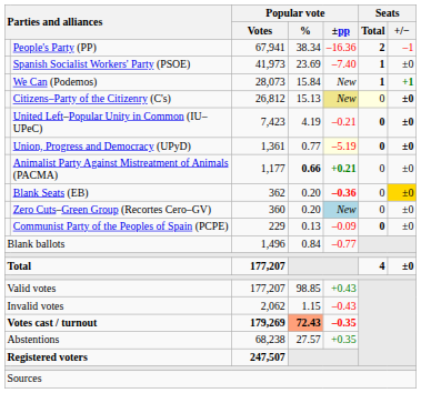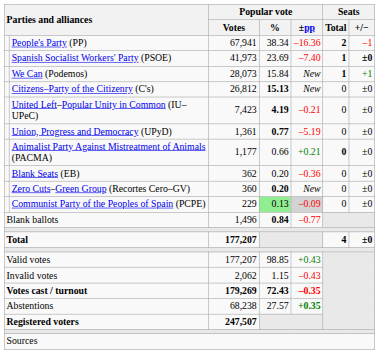 <table class="wikitable" style="text-align:right;">
 <tr>
 <th style="text-align:left;" rowspan="2" colspan="2" width="525">Parties and alliances</th>
 <th colspan="3">Popular vote</th>
 <th colspan="2">Seats</th>
 </tr>
 <tr>
 <th width="75">Votes</th>
 <th width="45">%</th>
 <th width="45">±<a href='#'>pp</a></th>
 <th width="35">Total</th>
 <th width="35">+/−</th>
 </tr>
 <tr>
 <td width="1" style="color:inherit;background:"></td>
 <td align="left"><a href='#'>People's Party</a> (PP)</td>
 <td>67,941</td>
 <td>38.34</td>
 <td style="color:red;">–16.36</td>
 <td><strong>2</strong></td>
 <td style="color:red;">–1</td>
 </tr>
 <tr>
 <td style="color:inherit;background:"></td>
 <td align="left"><a href='#'>Spanish Socialist Workers' Party</a> (PSOE)</td>
 <td>41,973</td>
 <td>23.69</td>
 <td style="color:red;">–7.40</td>
 <td><strong>1</strong></td>
-<td>±0</td>
+<td><strong>±0</strong></td>
 </tr>
 <tr>
 <td style="color:inherit;background:"></td>
 <td align="left"><a href='#'>We Can</a> (Podemos)</td>
 <td>28,073</td>
 <td>15.84</td>
 <td><em>New</em></td>
 <td><strong>1</strong></td>
-<td style="color:green;"><strong>+1</strong></td>
+<td style="color:green;">+1</td>
 </tr>
 <tr>
 <td style="color:inherit;background:"></td>
 <td align="left"><a href='#'>Citizens–Party of the Citizenry</a> (C's)</td>
 <td>26,812</td>
-<td>15.13</td>
-<td style="background: khaki;"><em>New</em></td>
-<td style="background: lightyellow;">0</td>
-<td><strong>±0</strong></td>
+<td><strong>15.13</strong></td>
+<td><em>New</em></td>
+<td>0</td>
+<td>±0</td>
 </tr>
 <tr>
 <td style="color:inherit;background:"></td>
 <td align="left"><a href='#'>United Left</a>–<a href='#'>Popular Unity in Common</a> (IU–UPeC)</td>
 <td>7,423</td>
-<td>4.19</td>
+<td><strong>4.19</strong></td>
 <td style="color:red;">–0.21</td>
-<td><strong>0</strong></td>
-<td><strong>±0</strong></td>
+<td>0</td>
+<td>±0</td>
 </tr>
 <tr>
 <td style="color:inherit;background:"></td>
 <td align="left"><a href='#'>Union, Progress and Democracy</a> (UPyD)</td>
 <td>1,361</td>
-<td>0.77</td>
-<td style="background: lightyellow; color:red;">–5.19</td>
-<td><strong>0</strong></td>
-<td><strong>±0</strong></td>
+<td><strong>0.77</strong></td>
+<td style="color:red;">–5.19</td>
+<td>0</td>
+<td>±0</td>
 </tr>
 <tr>
 <td style="color:inherit;background:"></td>
 <td align="left"><a href='#'>Animalist Party Against Mistreatment of Animals</a> (PACMA)</td>
 <td>1,177</td>
-<td><strong>0.66</strong></td>
-<td style="color:green;"><strong>+0.21</strong></td>
-<td>0</td>
+<td>0.66</td>
+<td style="color:green;">+0.21</td>
+<td><strong>0</strong></td>
 <td>±0</td>
 </tr>
 <tr>
 <td style="color:inherit;background:"></td>
 <td align="left"><a href='#'>Blank Seats</a> (EB)</td>
 <td>362</td>
 <td>0.20</td>
-<td style="color:red;"><strong>–0.36</strong></td>
+<td style="color:red;">–0.36</td>
 <td>0</td>
-<td style="background: gold;">±0</td>
+<td>±0</td>
 </tr>
 <tr>
 <td style="color:inherit;background:"></td>
 <td align="left"><a href='#'>Zero Cuts</a>–<a href='#'>Green Group</a> (Recortes Cero–GV)</td>
 <td>360</td>
-<td>0.20</td>
-<td style="background: lightblue;"><em>New</em></td>
+<td><strong>0.20</strong></td>
+<td><em>New</em></td>
 <td>0</td>
 <td>±0</td>
 </tr>
 <tr>
 <td style="color:inherit;background:"></td>
 <td align="left"><a href='#'>Communist Party of the Peoples of Spain</a> (PCPE)</td>
 <td>229</td>
-<td>0.13</td>
-<td style="color:red;">–0.09</td>
-<td><strong>0</strong></td>
+<td style="background: lightgreen;">0.13</td>
+<td style="background: lightgrey; color:red;">–0.09</td>
+<td>0</td>
 <td>±0</td>
 </tr>
 <tr>
 <td align="left" colspan="2">Blank ballots</td>
 <td>1,496</td>
-<td>0.84</td>
+<td><strong>0.84</strong></td>
 <td style="color:red;">–0.77</td>
 <td bgcolor="#E9E9E9" colspan="2"></td>
 </tr>
 <tr>
 <td colspan="7" bgcolor="#E9E9E9"></td>
 </tr>
 <tr style="font-weight:bold;">
 <td align="left" colspan="2">Total</td>
 <td>177,207</td>
 <td bgcolor="#E9E9E9" colspan="2"></td>
 <td>4</td>
 <td>±0</td>
 </tr>
 <tr>
 <td colspan="7" bgcolor="#E9E9E9"></td>
 </tr>
 <tr>
 <td align="left" colspan="2">Valid votes</td>
 <td>177,207</td>
 <td>98.85</td>
 <td style="color:green;">+0.43</td>
 <td bgcolor="#E9E9E9" colspan="2" rowspan="5"></td>
 </tr>
 <tr>
 <td align="left" colspan="2">Invalid votes</td>
 <td>2,062</td>
 <td>1.15</td>
 <td style="color:red;">–0.43</td>
 </tr>
 <tr style="font-weight:bold;">
 <td align="left" colspan="2">Votes cast / turnout</td>
 <td>179,269</td>
-<td style="background: lightsalmon;">72.43</td>
+<td>72.43</td>
 <td style="color:red;">–0.35</td>
 </tr>
 <tr>
 <td align="left" colspan="2">Abstentions</td>
 <td>68,238</td>
 <td>27.57</td>
-<td style="color:green;">+0.35</td>
+<td style="color:green;"><strong>+0.35</strong></td>
 </tr>
 <tr style="font-weight:bold;">
 <td align="left" colspan="2">Registered voters</td>
 <td>247,507</td>
 <td bgcolor="#E9E9E9" colspan="2"></td>
 </tr>
 <tr>
 <td colspan="7" bgcolor="#E9E9E9"></td>
 </tr>
 <tr>
 <td align="left" colspan="7">Sources</td>
 </tr>
 </table>
